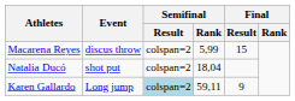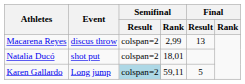 <table class="wikitable" border="1" style="font-size:90%">
 <tr>
 <th rowspan=2>Athletes</th>
 <th rowspan=2>Event</th>
 <th colspan=2>Semifinal</th>
 <th colspan=2>Final</th>
 </tr>
 <tr>
 <th>Result</th>
 <th>Rank</th>
 <th>Result</th>
 <th>Rank</th>
 </tr>
 <tr>
 <td><a href='#'>Macarena Reyes</a></td>
 <td><a href='#'>discus throw</a></td>
 <td>colspan=2 </td>
-<td align=center>5,99</td>
-<td align=center>15</td>
+<td align=center>2,99</td>
+<td align=center>13</td>
 </tr>
 <tr>
 <td><a href='#'>Natalia Ducó</a></td>
 <td><a href='#'>shot put</a></td>
 <td>colspan=2 </td>
-<td align=center>18,04</td>
+<td align=center>18,01</td>
 <td align=center></td>
 </tr>
 <tr>
 <td><a href='#'>Karen Gallardo</a></td>
 <td><a href='#'>Long jump</a></td>
 <td style="background: lightblue;">colspan=2 </td>
 <td align=center>59,11</td>
-<td align=center>9</td>
+<td align=center>5</td>
 </tr>
 </table>
